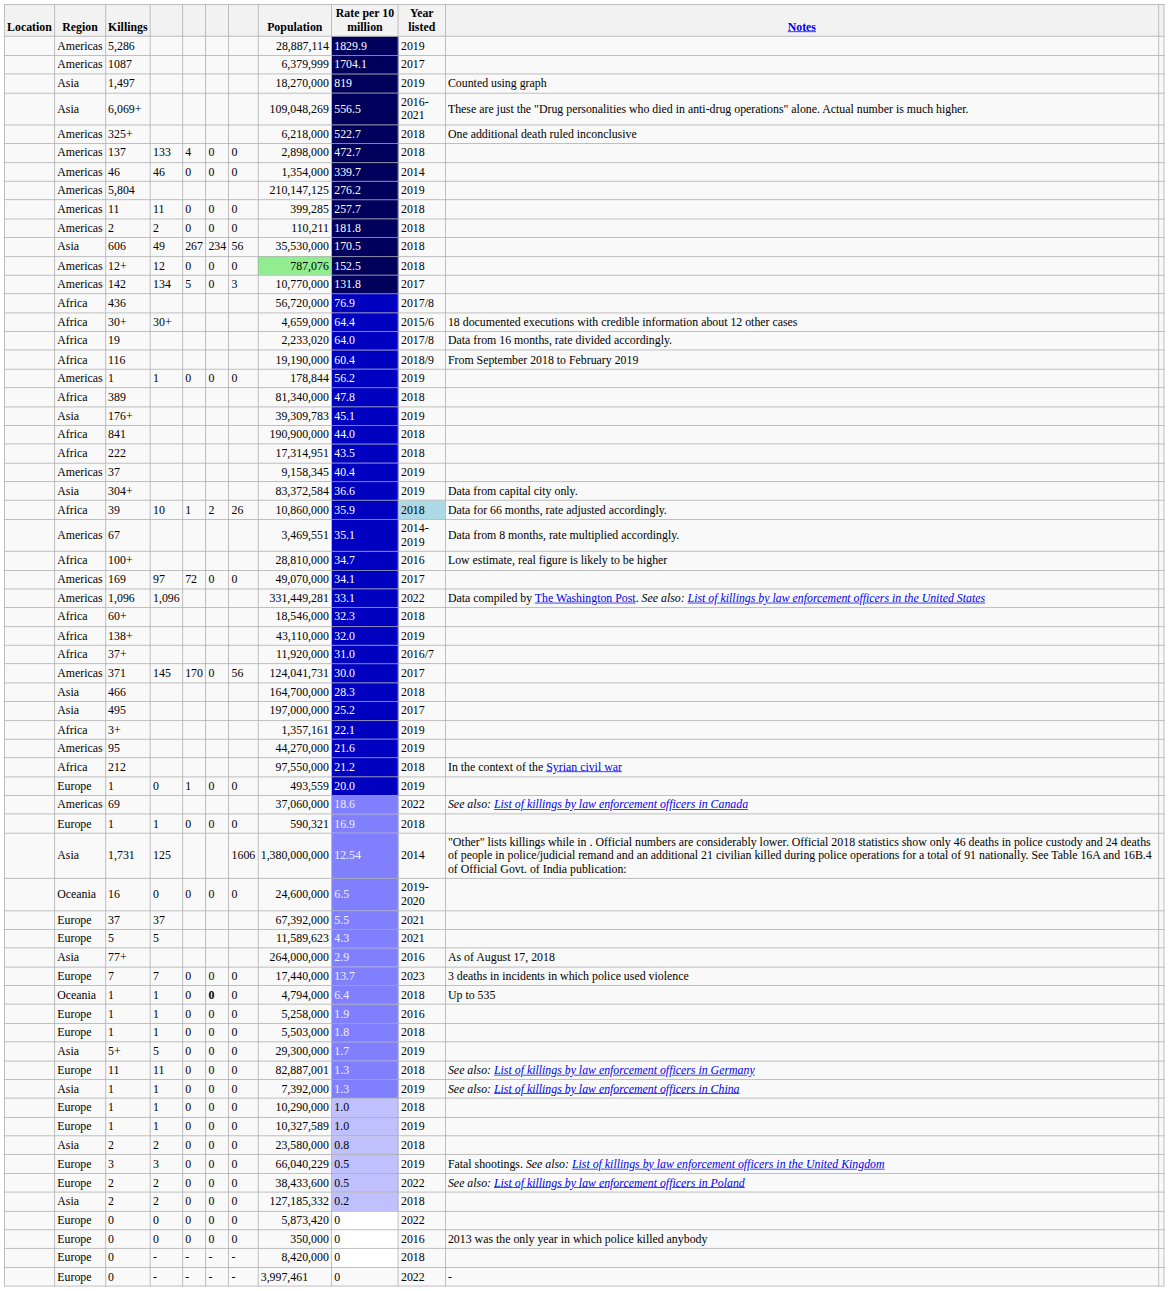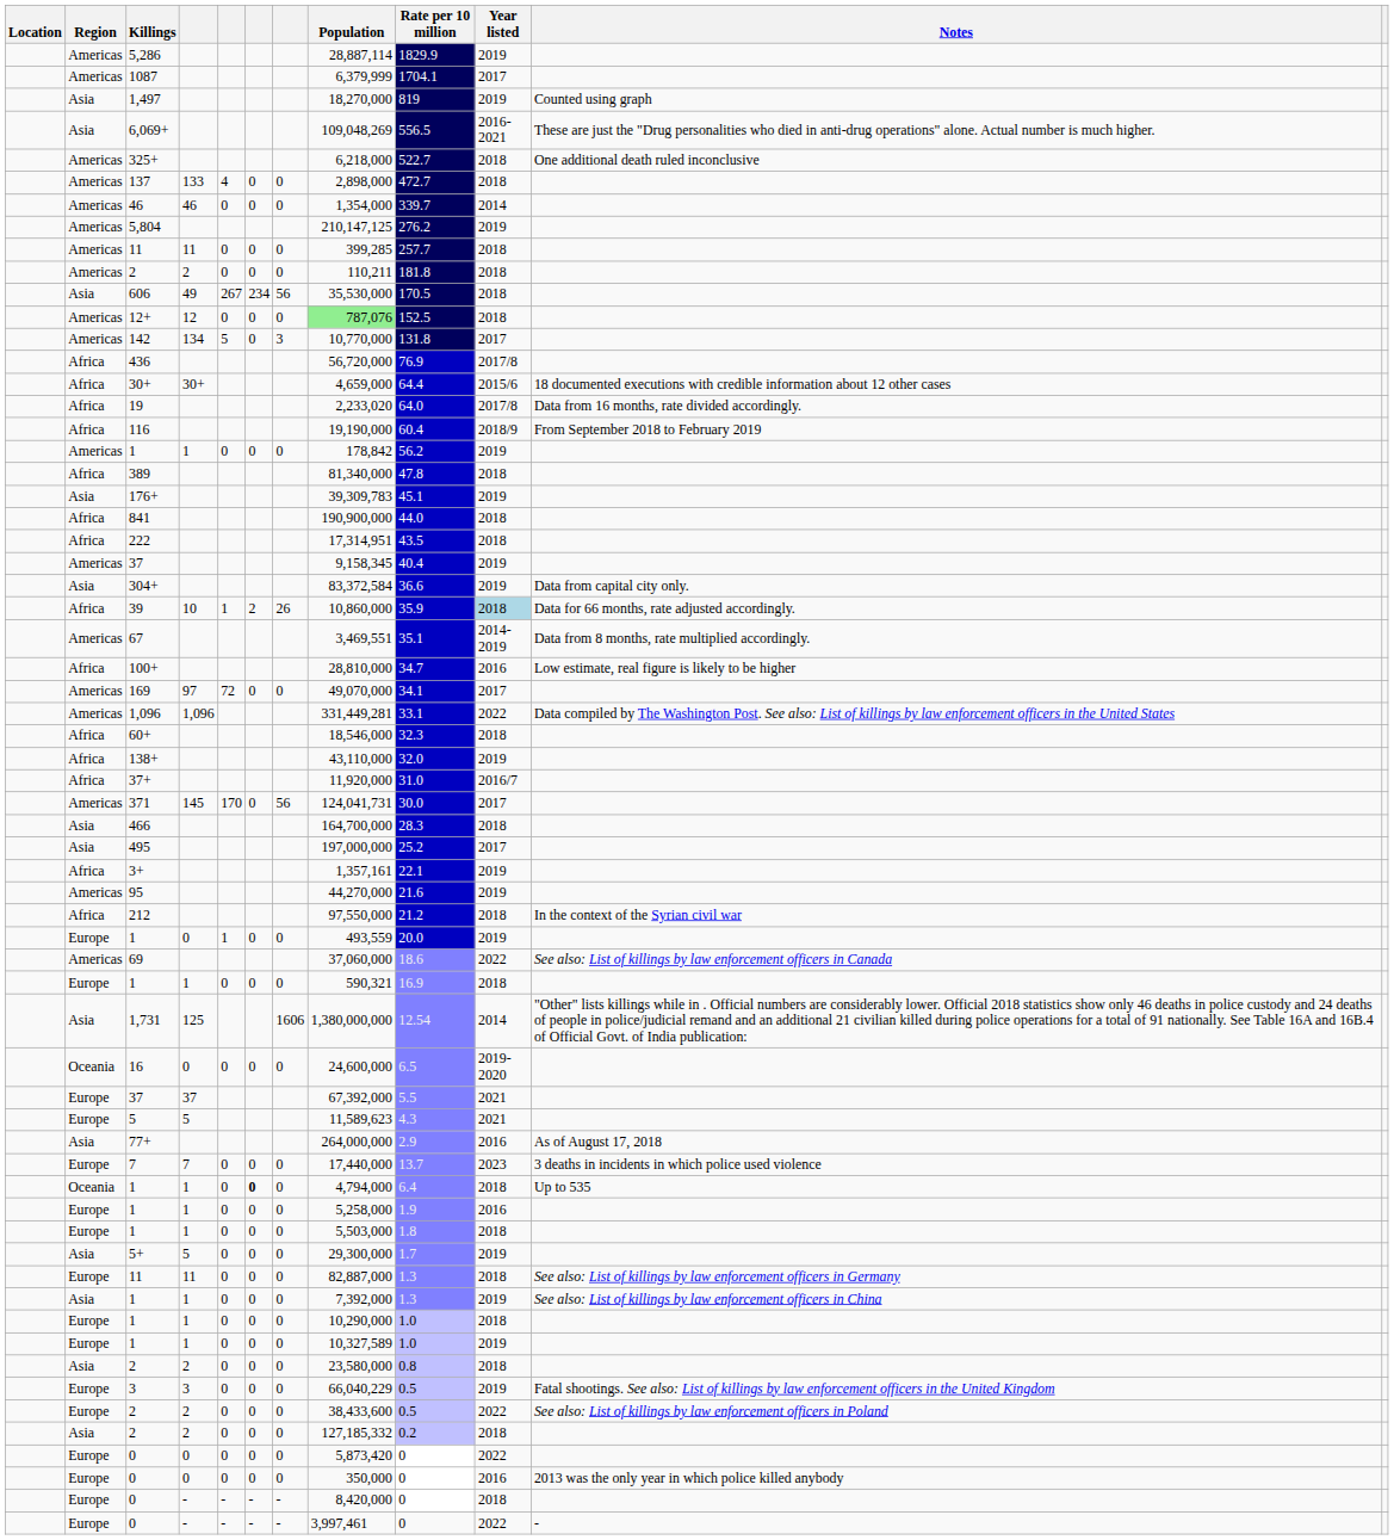 <table class="wikitable sortable static-row-numbers sticky-table-row1 sticky-table-col1 mw-datatable">
 <tr style=vertical-align:bottom;>
 <th>Location</th>
 <th>Region</th>
 <th data-sort-type=number>Killings</th>
 <th></th>
 <th></th>
 <th></th>
 <th></th>
 <th>Population</th>
 <th>Rate per 10 million</th>
 <th>Year listed</th>
 <th><a href='#'>Notes</a></th>
 <th></th>
 </tr>
 <tr>
 <td></td>
 <td>Americas</td>
 <td>5,286</td>
 <td></td>
 <td></td>
 <td></td>
 <td></td>
 <td align=right>28,887,114</td>
 <td style="background:#00005c; color:#fff;">1829.9</td>
 <td>2019</td>
 <td></td>
 <td></td>
 </tr>
 <tr>
 <td></td>
 <td>Americas</td>
 <td>1087</td>
 <td></td>
 <td></td>
 <td></td>
 <td></td>
 <td align=right>6,379,999</td>
 <td style="background:#00005c; color:#fff;">1704.1</td>
 <td>2017</td>
 <td></td>
 <td></td>
 </tr>
 <tr>
 <td></td>
 <td>Asia</td>
 <td>1,497</td>
 <td></td>
 <td></td>
 <td></td>
 <td></td>
 <td align=right>18,270,000</td>
 <td style="background:#00005c; color:#fff;">819</td>
 <td>2019</td>
 <td>Counted using graph</td>
 <td></td>
 </tr>
 <tr>
 <td></td>
 <td>Asia</td>
 <td>6,069+</td>
 <td></td>
 <td></td>
 <td></td>
 <td></td>
 <td align=right>109,048,269</td>
 <td style="background:#00005c; color:#fff;">556.5</td>
 <td>2016-<wbr>2021</td>
 <td>These are just the "Drug personalities who died in anti-drug operations" alone. Actual number is much higher.</td>
 <td></td>
 </tr>
 <tr>
 <td></td>
 <td>Americas</td>
 <td>325+</td>
 <td></td>
 <td></td>
 <td></td>
 <td></td>
 <td align=right>6,218,000</td>
 <td style="background:#00005c; color:#fff;">522.7</td>
 <td>2018</td>
 <td>One additional death ruled  inconclusive</td>
 <td></td>
 </tr>
 <tr>
 <td></td>
 <td>Americas</td>
 <td>137</td>
 <td>133</td>
 <td>4</td>
 <td>0</td>
 <td>0</td>
 <td align=right>2,898,000</td>
 <td style="background:#00005c; color:#fff;">472.7</td>
 <td>2018</td>
 <td></td>
 <td></td>
 </tr>
 <tr>
 <td></td>
 <td>Americas</td>
 <td>46</td>
 <td>46</td>
 <td>0</td>
 <td>0</td>
 <td>0</td>
 <td align=right>1,354,000</td>
 <td style="background:#00005c; color:#fff;">339.7</td>
 <td>2014</td>
 <td></td>
 <td></td>
 </tr>
 <tr>
 <td></td>
 <td>Americas</td>
 <td>5,804</td>
 <td></td>
 <td></td>
 <td></td>
 <td></td>
 <td align=right>210,147,125</td>
 <td style="background:#00005c; color:#fff;">276.2</td>
 <td>2019</td>
 <td></td>
 <td></td>
 </tr>
 <tr>
 <td></td>
 <td>Americas</td>
 <td>11</td>
 <td>11</td>
 <td>0</td>
 <td>0</td>
 <td>0</td>
 <td align=right>399,285</td>
 <td style="background:#00005c; color:#fff;">257.7</td>
 <td>2018</td>
 <td></td>
 <td></td>
 </tr>
 <tr>
 <td></td>
 <td>Americas</td>
 <td>2</td>
 <td>2</td>
 <td>0</td>
 <td>0</td>
 <td>0</td>
 <td align=right>110,211</td>
 <td style="background:#00005c; color:#fff;">181.8</td>
 <td>2018</td>
 <td></td>
 <td></td>
 </tr>
 <tr>
 <td></td>
 <td>Asia</td>
 <td>606</td>
 <td>49</td>
 <td>267</td>
 <td>234</td>
 <td>56</td>
 <td align=right>35,530,000</td>
 <td style="background:#00005c; color:#fff;">170.5</td>
 <td>2018</td>
 <td></td>
 <td></td>
 </tr>
 <tr>
 <td></td>
 <td>Americas</td>
 <td>12+</td>
 <td>12</td>
 <td>0</td>
 <td>0</td>
 <td>0</td>
 <td align=right style="background: lightgreen;">787,076</td>
 <td style="background:#00005c; color:#fff;">152.5</td>
 <td>2018</td>
 <td></td>
 <td></td>
 </tr>
 <tr>
 <td></td>
 <td>Americas</td>
 <td>142</td>
 <td>134</td>
 <td>5</td>
 <td>0</td>
 <td>3</td>
 <td align=right>10,770,000</td>
 <td style="background:#00005c; color:#fff;">131.8</td>
 <td>2017</td>
 <td></td>
 <td></td>
 </tr>
 <tr>
 <td></td>
 <td>Africa</td>
 <td>436</td>
 <td></td>
 <td></td>
 <td></td>
 <td></td>
 <td align=right>56,720,000</td>
 <td style="background:#0000c0; color:#fff;">76.9</td>
 <td>2017/8</td>
 <td></td>
 <td></td>
 </tr>
 <tr>
 <td></td>
 <td>Africa</td>
 <td>30+</td>
 <td>30+</td>
 <td></td>
 <td></td>
 <td></td>
 <td align=right>4,659,000</td>
 <td style="background:#0000c0; color:#fff;">64.4</td>
 <td>2015/6</td>
 <td>18 documented executions with credible information about 12 other cases</td>
 <td></td>
 </tr>
 <tr>
 <td></td>
 <td>Africa</td>
 <td>19</td>
 <td></td>
 <td></td>
 <td></td>
 <td></td>
 <td align=right>2,233,020</td>
 <td style="background:#0000c0; color:#fff;">64.0</td>
 <td>2017/8</td>
 <td>Data from 16 months, rate divided accordingly.</td>
 <td></td>
 </tr>
 <tr>
 <td></td>
 <td>Africa</td>
 <td>116</td>
 <td></td>
 <td></td>
 <td></td>
 <td></td>
 <td align=right>19,190,000</td>
 <td style="background:#0000c0; color:#fff;">60.4</td>
 <td>2018/9</td>
 <td>From September 2018 to February 2019</td>
 <td></td>
 </tr>
 <tr>
 <td></td>
 <td>Americas</td>
 <td>1</td>
 <td>1</td>
 <td>0</td>
 <td>0</td>
 <td>0</td>
-<td align=right>178,844</td>
+<td align=right>178,842</td>
 <td style="background:#0000c0; color:#fff;">56.2</td>
 <td>2019</td>
 <td></td>
 <td></td>
 </tr>
 <tr>
 <td></td>
 <td>Africa</td>
 <td>389</td>
 <td></td>
 <td></td>
 <td></td>
 <td></td>
 <td align=right>81,340,000</td>
 <td style="background:#0000c0; color:#fff;">47.8</td>
 <td>2018</td>
 <td></td>
 <td></td>
 </tr>
 <tr>
 <td></td>
 <td>Asia</td>
 <td>176+</td>
 <td></td>
 <td></td>
 <td></td>
 <td></td>
 <td align=right>39,309,783</td>
 <td style="background:#0000c0; color:#fff;">45.1</td>
 <td>2019</td>
 <td></td>
 <td></td>
 </tr>
 <tr>
 <td></td>
 <td>Africa</td>
 <td>841</td>
 <td></td>
 <td></td>
 <td></td>
 <td></td>
 <td align=right>190,900,000</td>
 <td style="background:#0000c0; color:#fff;">44.0</td>
 <td>2018</td>
 <td></td>
 <td></td>
 </tr>
 <tr>
 <td></td>
 <td>Africa</td>
 <td>222</td>
 <td></td>
 <td></td>
 <td></td>
 <td></td>
 <td align=right>17,314,951</td>
 <td style="background:#0000c0; color:#fff;">43.5</td>
 <td>2018</td>
 <td></td>
 <td></td>
 </tr>
 <tr>
 <td></td>
 <td>Americas</td>
 <td>37</td>
 <td></td>
 <td></td>
 <td></td>
 <td></td>
 <td align=right>9,158,345</td>
 <td style="background:#0000c0; color:#fff;">40.4</td>
 <td>2019</td>
 <td></td>
 <td></td>
 </tr>
 <tr>
 <td></td>
 <td>Asia</td>
 <td>304+</td>
 <td></td>
 <td></td>
 <td></td>
 <td></td>
 <td align=right>83,372,584</td>
 <td style="background:#0000c0; color:#fff;">36.6</td>
 <td>2019</td>
 <td>Data from capital city only.</td>
 <td></td>
 </tr>
 <tr>
 <td></td>
 <td>Africa</td>
 <td>39</td>
 <td>10</td>
 <td>1</td>
 <td>2</td>
 <td>26</td>
 <td align=right>10,860,000</td>
 <td style="background:#0000c0; color:#fff;">35.9</td>
 <td style="background: lightblue;">2018</td>
 <td>Data for 66 months, rate adjusted accordingly.</td>
 <td></td>
 </tr>
 <tr>
 <td></td>
 <td>Americas</td>
 <td>67</td>
 <td></td>
 <td></td>
 <td></td>
 <td></td>
 <td align=right>3,469,551</td>
 <td style="background:#0000c0; color:#fff;">35.1</td>
 <td>2014-<wbr>2019</td>
 <td>Data from 8 months, rate multiplied accordingly.</td>
 <td></td>
 </tr>
 <tr>
 <td></td>
 <td>Africa</td>
 <td>100+</td>
 <td></td>
 <td></td>
 <td></td>
 <td></td>
 <td align=right>28,810,000</td>
 <td style="background:#0000c0; color:#fff;">34.7</td>
 <td>2016</td>
 <td>Low estimate, real figure is likely to be higher</td>
 <td></td>
 </tr>
 <tr>
 <td></td>
 <td>Americas</td>
 <td>169</td>
 <td>97</td>
 <td>72</td>
 <td>0</td>
 <td>0</td>
 <td align=right>49,070,000</td>
 <td style="background:#0000c0; color:#fff;">34.1</td>
 <td>2017</td>
 <td></td>
 <td></td>
 </tr>
 <tr>
 <td></td>
 <td>Americas</td>
 <td>1,096</td>
 <td>1,096</td>
 <td></td>
 <td></td>
 <td></td>
 <td align=right>331,449,281</td>
 <td style="background:#0000c0; color:#fff;">33.1</td>
 <td>2022</td>
 <td>Data compiled by <a href='#'>The Washington Post</a>. <em>See also: <a href='#'>List of killings by law enforcement officers in the United States</a></em></td>
 <td></td>
 </tr>
 <tr>
 <td></td>
 <td>Africa</td>
 <td>60+</td>
 <td></td>
 <td></td>
 <td></td>
 <td></td>
 <td align=right>18,546,000</td>
 <td style="background:#0000c0; color:#fff;">32.3</td>
 <td>2018</td>
 <td></td>
 <td></td>
 </tr>
 <tr>
 <td></td>
 <td>Africa</td>
 <td>138+</td>
 <td></td>
 <td></td>
 <td></td>
 <td></td>
 <td align=right>43,110,000</td>
 <td style="background:#0000c0; color:#fff;">32.0</td>
 <td>2019</td>
 <td></td>
 <td></td>
 </tr>
 <tr>
 <td></td>
 <td>Africa</td>
 <td>37+</td>
 <td></td>
 <td></td>
 <td></td>
 <td></td>
 <td align=right>11,920,000</td>
 <td style="background:#0000c0; color:#fff;">31.0</td>
 <td>2016/7</td>
 <td></td>
 <td></td>
 </tr>
 <tr>
 <td></td>
 <td>Americas</td>
 <td>371</td>
 <td>145</td>
 <td>170</td>
 <td>0</td>
 <td>56</td>
 <td align=right>124,041,731</td>
 <td style="background:#0000c0; color:#fff;">30.0</td>
 <td>2017</td>
 <td></td>
 <td></td>
 </tr>
 <tr>
 <td></td>
 <td>Asia</td>
 <td>466</td>
 <td></td>
 <td></td>
 <td></td>
 <td></td>
 <td align=right>164,700,000</td>
 <td style="background:#0000c0; color:#fff;">28.3</td>
 <td>2018</td>
 <td></td>
 <td></td>
 </tr>
 <tr>
 <td></td>
 <td>Asia</td>
 <td>495</td>
 <td></td>
 <td></td>
 <td></td>
 <td></td>
 <td align=right>197,000,000</td>
 <td style="background:#0000c0; color:#fff;">25.2</td>
 <td>2017</td>
 <td></td>
 <td></td>
 </tr>
 <tr>
 <td></td>
 <td>Africa</td>
 <td>3+</td>
 <td></td>
 <td></td>
 <td></td>
 <td></td>
 <td align=right>1,357,161</td>
 <td style="background:#0000c0; color:#fff;">22.1</td>
 <td>2019</td>
 <td></td>
 <td></td>
 </tr>
 <tr>
 <td></td>
 <td>Americas</td>
 <td>95</td>
 <td></td>
 <td></td>
 <td></td>
 <td></td>
 <td align=right>44,270,000</td>
 <td style="background:#0000c0; color:#fff;">21.6</td>
 <td>2019</td>
 <td></td>
 <td></td>
 </tr>
 <tr>
 <td></td>
 <td>Africa</td>
 <td>212</td>
 <td></td>
 <td></td>
 <td></td>
 <td></td>
 <td align=right>97,550,000</td>
 <td style="background:#0000c0; color:#fff;">21.2</td>
 <td>2018</td>
 <td>In the context of the <a href='#'>Syrian civil war</a></td>
 <td></td>
 </tr>
 <tr>
 <td></td>
 <td>Europe</td>
 <td>1</td>
 <td>0</td>
 <td>1</td>
 <td>0</td>
 <td>0</td>
 <td align=right>493,559</td>
 <td style="background:#0000c0; color:#fff;">20.0</td>
 <td>2019</td>
 <td></td>
 <td></td>
 </tr>
 <tr>
 <td></td>
 <td>Americas</td>
 <td>69</td>
 <td></td>
 <td></td>
 <td></td>
 <td></td>
 <td align=right>37,060,000</td>
 <td style="background:#8080ff; color:#f0f0f0;">18.6</td>
 <td>2022</td>
 <td><em>See also: <a href='#'>List of killings by law enforcement officers in Canada</a></em></td>
 <td></td>
 </tr>
 <tr>
 <td></td>
 <td>Europe</td>
 <td>1</td>
 <td>1</td>
 <td>0</td>
 <td>0</td>
 <td>0</td>
 <td align=right>590,321</td>
 <td style="background:#8080ff; color:#f0f0f0;">16.9</td>
 <td>2018</td>
 <td></td>
 <td></td>
 </tr>
 <tr>
 <td></td>
 <td>Asia</td>
 <td>1,731</td>
 <td>125</td>
 <td></td>
 <td></td>
 <td>1606</td>
 <td align="right">1,380,000,000</td>
 <td style="background:#8080ff; color:#f0f0f0;">12.54</td>
 <td>2014</td>
 <td>"Other" lists killings while in .  Official numbers are considerably lower. Official 2018 statistics show only 46 deaths in police custody and 24 deaths of people in police/judicial remand and an additional 21 civilian killed during police operations for a total of 91 nationally.  See Table 16A and 16B.4 of Official Govt. of India publication: </td>
 <td></td>
 </tr>
 <tr>
 <td></td>
 <td>Oceania</td>
 <td>16</td>
 <td>0</td>
 <td>0</td>
 <td>0</td>
 <td>0</td>
 <td align=right>24,600,000</td>
 <td style="background:#8080ff; color:#f0f0f0;">6.5</td>
 <td>2019-<wbr>2020</td>
 <td></td>
 <td></td>
 </tr>
 <tr>
 <td></td>
 <td>Europe</td>
 <td>37</td>
 <td>37</td>
 <td></td>
 <td></td>
 <td></td>
 <td align="right">67,392,000</td>
 <td style="background:#8080ff; color:#f0f0f0;">5.5</td>
 <td>2021</td>
 <td></td>
 <td></td>
 </tr>
 <tr>
 <td></td>
 <td>Europe</td>
 <td>5</td>
 <td>5</td>
 <td></td>
 <td></td>
 <td></td>
 <td align="right">11,589,623</td>
 <td style="background:#8080ff; color:#f0f0f0;">4.3</td>
 <td>2021</td>
 <td></td>
 <td></td>
 </tr>
 <tr>
 <td></td>
 <td>Asia</td>
 <td>77+</td>
 <td></td>
 <td></td>
 <td></td>
 <td></td>
 <td align="right">264,000,000</td>
 <td style="background:#8080ff; color:#f0f0f0;">2.9</td>
 <td>2016</td>
 <td>As of August 17, 2018</td>
 <td></td>
 </tr>
 <tr>
 <td></td>
 <td>Europe</td>
 <td>7</td>
 <td>7</td>
 <td>0</td>
 <td>0</td>
 <td>0</td>
 <td align="right">17,440,000</td>
 <td style="background:#8080ff; color:#f0f0f0;">13.7</td>
 <td>2023</td>
 <td>3 deaths in incidents in which police used violence</td>
 <td></td>
 </tr>
 <tr>
 <td></td>
 <td>Oceania</td>
 <td>1</td>
 <td>1</td>
 <td>0</td>
 <td><strong>0</strong></td>
 <td>0</td>
 <td align="right">4,794,000</td>
 <td style="background:#8080ff; color:#f0f0f0;">6.4</td>
 <td>2018</td>
 <td>Up to 535</td>
 <td></td>
 </tr>
 <tr>
 <td></td>
 <td>Europe</td>
 <td>1</td>
 <td>1</td>
 <td>0</td>
 <td>0</td>
 <td>0</td>
 <td align="right">5,258,000</td>
 <td style="background:#8080ff; color:#f0f0f0;">1.9</td>
 <td>2016</td>
 <td></td>
 <td></td>
 </tr>
 <tr>
 <td></td>
 <td>Europe</td>
 <td>1</td>
 <td>1</td>
 <td>0</td>
 <td>0</td>
 <td>0</td>
 <td align=right>5,503,000</td>
 <td style="background:#8080ff; color:#f0f0f0;">1.8</td>
 <td>2018</td>
 <td></td>
 <td></td>
 </tr>
 <tr>
 <td></td>
 <td>Asia</td>
 <td>5+</td>
 <td>5</td>
 <td>0</td>
 <td>0</td>
 <td>0</td>
 <td align=right>29,300,000</td>
 <td style="background:#8080ff; color:#f0f0f0;">1.7</td>
 <td>2019</td>
 <td></td>
 <td></td>
 </tr>
 <tr>
 <td></td>
 <td>Europe</td>
 <td>11</td>
 <td>11</td>
 <td>0</td>
 <td>0</td>
 <td>0</td>
-<td align=right>82,887,001</td>
+<td align=right>82,887,000</td>
 <td style="background:#8080ff; color:#f0f0f0;">1.3</td>
 <td>2018</td>
 <td><em>See also: <a href='#'>List of killings by law enforcement officers in Germany</a></em></td>
 <td></td>
 </tr>
 <tr>
 <td></td>
 <td>Asia</td>
 <td>1</td>
 <td>1</td>
 <td>0</td>
 <td>0</td>
 <td>0</td>
 <td align=right>7,392,000</td>
 <td style="background:#8080ff; color:#f0f0f0;">1.3</td>
 <td>2019</td>
 <td><em>See also: <a href='#'>List of killings by law enforcement officers in China</a></em></td>
 <td></td>
 </tr>
 <tr>
 <td></td>
 <td>Europe</td>
 <td>1</td>
 <td>1</td>
 <td>0</td>
 <td>0</td>
 <td>0</td>
 <td align=right>10,290,000</td>
 <td style="background:#c0c0ff;">1.0</td>
 <td>2018</td>
 <td></td>
 <td></td>
 </tr>
 <tr>
 <td></td>
 <td>Europe</td>
 <td>1</td>
 <td>1</td>
 <td>0</td>
 <td>0</td>
 <td>0</td>
 <td align=right>10,327,589</td>
 <td style="background:#c0c0ff;">1.0</td>
 <td>2019</td>
 <td></td>
 <td></td>
 </tr>
 <tr>
 <td></td>
 <td>Asia</td>
 <td>2</td>
 <td>2</td>
 <td>0</td>
 <td>0</td>
 <td>0</td>
 <td align=right>23,580,000</td>
 <td style="background:#c0c0ff;">0.8</td>
 <td>2018</td>
 <td></td>
 <td></td>
 </tr>
 <tr>
 <td></td>
 <td>Europe</td>
 <td>3</td>
 <td>3</td>
 <td>0</td>
 <td>0</td>
 <td>0</td>
 <td align=right>66,040,229</td>
 <td style="background:#c0c0ff;">0.5</td>
 <td>2019</td>
 <td>Fatal shootings. <em>See also: <a href='#'>List of killings by law enforcement officers in the United Kingdom</a></em></td>
 <td></td>
 </tr>
 <tr>
 <td></td>
 <td>Europe</td>
 <td>2</td>
 <td>2</td>
 <td>0</td>
 <td>0</td>
 <td>0</td>
 <td align=right>38,433,600</td>
 <td style="background:#c0c0ff;">0.5</td>
 <td>2022</td>
 <td><em>See also: <a href='#'>List of killings by law enforcement officers in Poland</a></em></td>
 <td></td>
 </tr>
 <tr>
 <td></td>
 <td>Asia</td>
 <td>2</td>
 <td>2</td>
 <td>0</td>
 <td>0</td>
 <td>0</td>
 <td align=right>127,185,332</td>
 <td style="background:#c0c0ff;">0.2</td>
 <td>2018</td>
 <td></td>
 <td></td>
 </tr>
 <tr>
 <td></td>
 <td>Europe</td>
 <td>0</td>
 <td>0</td>
 <td>0</td>
 <td>0</td>
 <td>0</td>
 <td align=right>5,873,420</td>
 <td style="background:#ffffff;">0</td>
 <td>2022</td>
 <td></td>
 <td></td>
 </tr>
 <tr>
 <td></td>
 <td>Europe</td>
 <td>0</td>
 <td>0</td>
 <td>0</td>
 <td>0</td>
 <td>0</td>
 <td align=right>350,000</td>
 <td style="background:#ffffff;">0</td>
 <td>2016</td>
 <td>2013 was the only year in which police killed anybody</td>
 <td></td>
 </tr>
 <tr>
 <td></td>
 <td>Europe</td>
 <td>0</td>
 <td>-</td>
 <td>-</td>
 <td>-</td>
 <td>-</td>
 <td align=right>8,420,000</td>
 <td style="background:#ffffff;">0</td>
 <td>2018</td>
 <td></td>
 <td></td>
 </tr>
 <tr>
 <td></td>
 <td>Europe</td>
 <td>0</td>
 <td>-</td>
 <td>-</td>
 <td>-</td>
 <td>-</td>
 <td>3,997,461</td>
 <td>0</td>
 <td>2022</td>
 <td>-</td>
 <td></td>
 </tr>
 </table>
